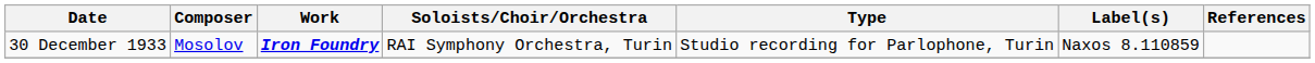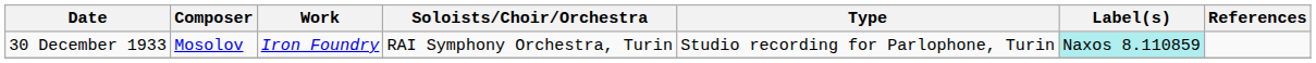 <table class="wikitable">
 <tr>
 <th>Date</th>
 <th>Composer</th>
 <th>Work</th>
 <th>Soloists/Choir/Orchestra</th>
 <th>Type</th>
 <th>Label(s)</th>
 <th>References</th>
 </tr>
 <tr>
 <td>30 December 1933</td>
 <td><a href='#'>Mosolov</a></td>
-<td><strong><em><a href='#'>Iron Foundry</a></em></strong></td>
+<td><em><a href='#'>Iron Foundry</a></em></td>
 <td>RAI Symphony Orchestra, Turin</td>
 <td>Studio recording for Parlophone, Turin</td>
-<td>Naxos 8.110859</td>
+<td style="background: paleturquoise;">Naxos 8.110859</td>
 <td></td>
 </tr>
 <tr>
 </tr>
 </table>
